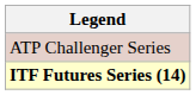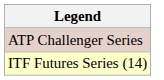 <table class="wikitable">
 <tr>
 <th>Legend</th>
 </tr>
 <tr bgcolor="#e5d1cb">
 <td>ATP Challenger Series</td>
 </tr>
 <tr bgcolor="#ffffcc">
-<td><strong>ITF Futures Series (14)</strong></td>
+<td>ITF Futures Series (14)</td>
 </tr>
 </table>
